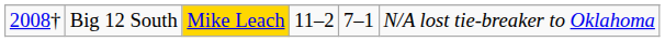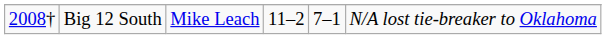 <table class="wikitable" style="text-align:center;">
 <tr>
 </tr>
 <tr>
 <td><a href='#'>2008</a>†</td>
 <td>Big 12 South</td>
-<td style="background: gold;"><a href='#'>Mike Leach</a></td>
+<td><a href='#'>Mike Leach</a></td>
 <td>11–2</td>
 <td>7–1</td>
 <td colspan="2"><em>N/A lost tie-breaker to <a href='#'>Oklahoma</a></em></td>
 </tr>
 </table>
